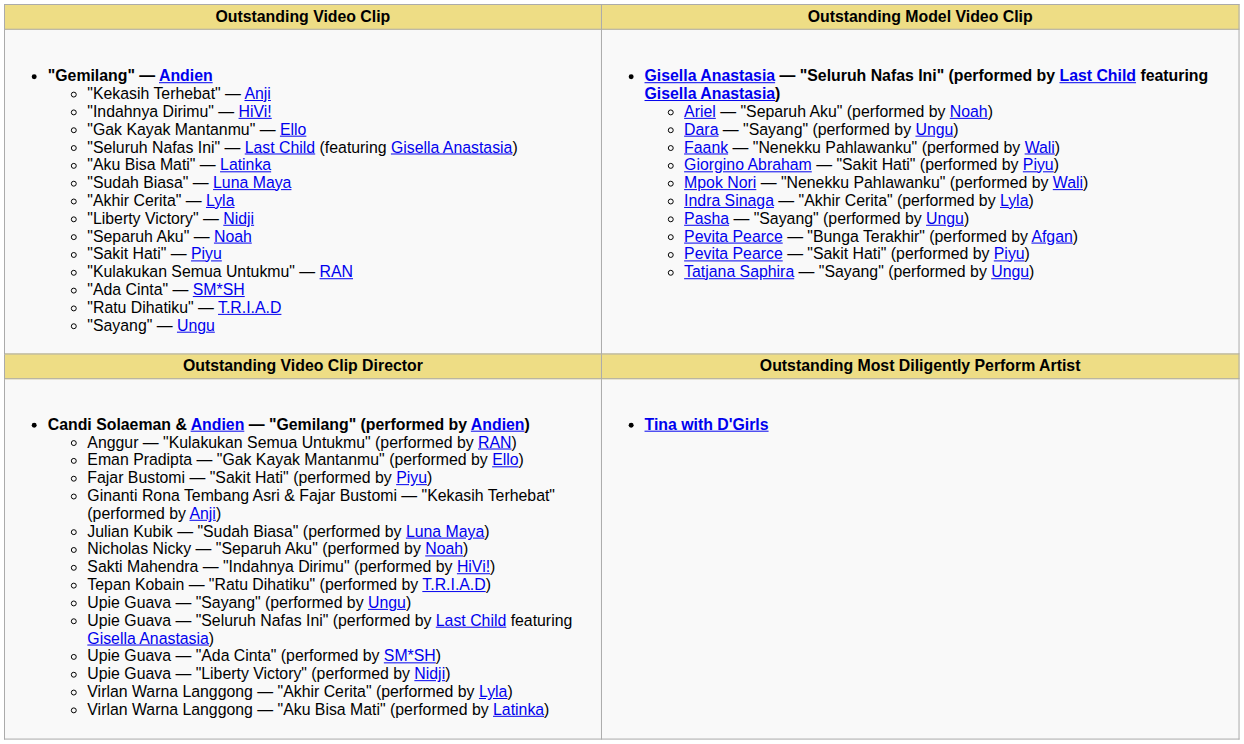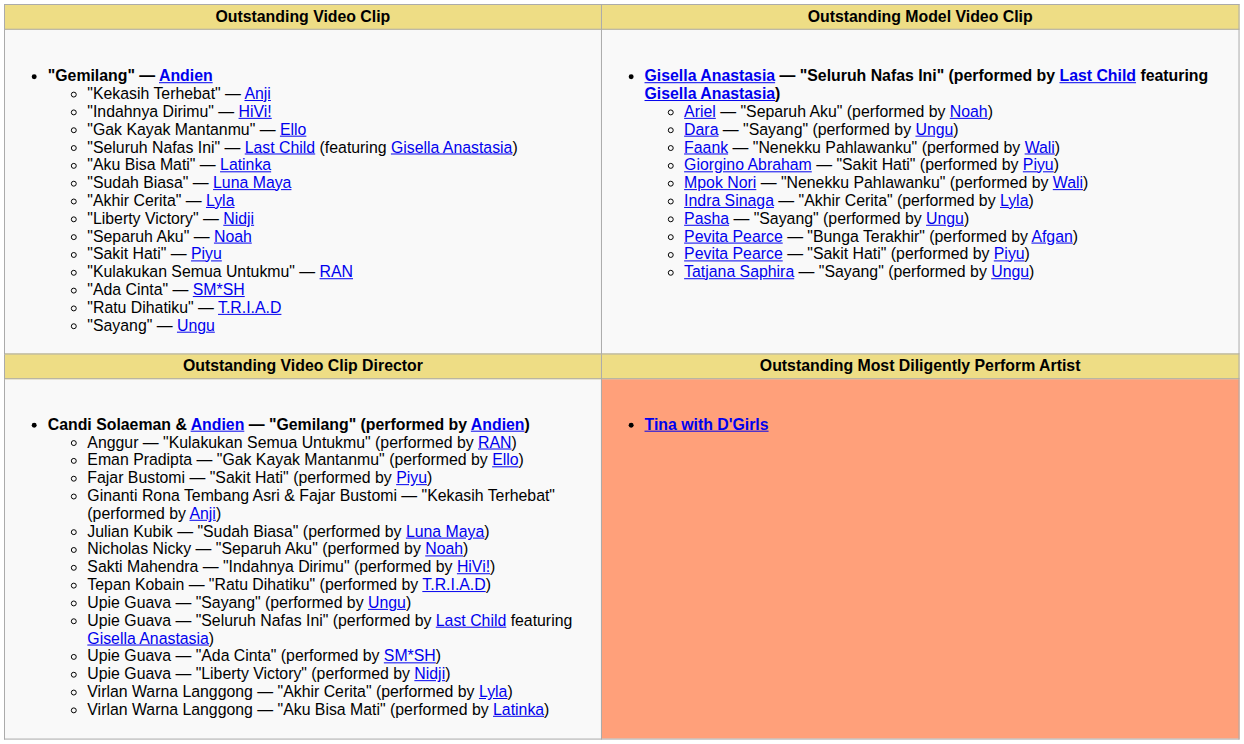 <table class="wikitable">
 <tr>
 <th style="background:#EEDD85; width=50%">Outstanding Video Clip</th>
 <th style="background:#EEDD85; width=50%">Outstanding Model Video Clip</th>
 </tr>
 <tr>
 <td style="vertical-align:top;"><br><ul><li><strong>"Gemilang" — <a href='#'>Andien</a></strong><ul><li>"Kekasih Terhebat" — <a href='#'>Anji</a></li><li>"Indahnya Dirimu" — <a href='#'>HiVi!</a></li><li>"Gak Kayak Mantanmu" — <a href='#'>Ello</a></li><li>"Seluruh Nafas Ini" — <a href='#'>Last Child</a> (featuring <a href='#'>Gisella Anastasia</a>)</li><li>"Aku Bisa Mati" — <a href='#'>Latinka</a></li><li>"Sudah Biasa" — <a href='#'>Luna Maya</a></li><li>"Akhir Cerita" — <a href='#'>Lyla</a></li><li>"Liberty Victory" — <a href='#'>Nidji</a></li><li>"Separuh Aku" — <a href='#'>Noah</a></li><li>"Sakit Hati" — <a href='#'>Piyu</a></li><li>"Kulakukan Semua Untukmu" — <a href='#'>RAN</a></li><li>"Ada Cinta" — <a href='#'>SM*SH</a></li><li>"Ratu Dihatiku" — <a href='#'>T.R.I.A.D</a></li><li>"Sayang" — <a href='#'>Ungu</a></li></ul></li></ul></td>
 <td style="vertical-align:top;"><br><ul><li><strong><a href='#'>Gisella Anastasia</a> — "Seluruh Nafas Ini" (performed by <a href='#'>Last Child</a> featuring <a href='#'>Gisella Anastasia</a>)</strong><ul><li><a href='#'>Ariel</a> — "Separuh Aku" (performed by <a href='#'>Noah</a>)</li><li><a href='#'>Dara</a> — "Sayang" (performed by <a href='#'>Ungu</a>)</li><li><a href='#'>Faank</a> — "Nenekku Pahlawanku" (performed by <a href='#'>Wali</a>)</li><li><a href='#'>Giorgino Abraham</a> — "Sakit Hati" (performed by <a href='#'>Piyu</a>)</li><li><a href='#'>Mpok Nori</a> — "Nenekku Pahlawanku" (performed by <a href='#'>Wali</a>)</li><li><a href='#'>Indra Sinaga</a> — "Akhir Cerita" (performed by <a href='#'>Lyla</a>)</li><li><a href='#'>Pasha</a> — "Sayang" (performed by <a href='#'>Ungu</a>)</li><li><a href='#'>Pevita Pearce</a> — "Bunga Terakhir" (performed by <a href='#'>Afgan</a>)</li><li><a href='#'>Pevita Pearce</a> — "Sakit Hati" (performed by <a href='#'>Piyu</a>)</li><li><a href='#'>Tatjana Saphira</a> — "Sayang" (performed by <a href='#'>Ungu</a>)</li></ul></li></ul></td>
 </tr>
 <tr>
 <th style="background:#EEDD85; width=50%">Outstanding Video Clip Director</th>
 <th style="background:#EEDD85; width=50%">Outstanding Most Diligently Perform Artist</th>
 </tr>
 <tr>
 <td style="vertical-align:top;"><br><ul><li><strong>Candi Solaeman & <a href='#'>Andien</a> — "Gemilang" (performed by <a href='#'>Andien</a>)</strong><ul><li>Anggur — "Kulakukan Semua Untukmu" (performed by <a href='#'>RAN</a>)</li><li>Eman Pradipta — "Gak Kayak Mantanmu" (performed by <a href='#'>Ello</a>)</li><li>Fajar Bustomi — "Sakit Hati" (performed by <a href='#'>Piyu</a>)</li><li>Ginanti Rona Tembang Asri & Fajar Bustomi — "Kekasih Terhebat" (performed by <a href='#'>Anji</a>)</li><li>Julian Kubik — "Sudah Biasa" (performed by <a href='#'>Luna Maya</a>)</li><li>Nicholas Nicky — "Separuh Aku" (performed by <a href='#'>Noah</a>)</li><li>Sakti Mahendra — "Indahnya Dirimu" (performed by <a href='#'>HiVi!</a>)</li><li>Tepan Kobain — "Ratu Dihatiku" (performed by <a href='#'>T.R.I.A.D</a>)</li><li>Upie Guava — "Sayang" (performed by <a href='#'>Ungu</a>)</li><li>Upie Guava — "Seluruh Nafas Ini" (performed by <a href='#'>Last Child</a> featuring <a href='#'>Gisella Anastasia</a>)</li><li>Upie Guava — "Ada Cinta" (performed by <a href='#'>SM*SH</a>)</li><li>Upie Guava — "Liberty Victory" (performed by <a href='#'>Nidji</a>)</li><li>Virlan Warna Langgong — "Akhir Cerita" (performed by <a href='#'>Lyla</a>)</li><li>Virlan Warna Langgong — "Aku Bisa Mati" (performed by <a href='#'>Latinka</a>)</li></ul></li></ul></td>
-<td style="vertical-align:top;"><br><ul><li><strong><a href='#'>Tina with D'Girls</a></strong></li></ul></td>
+<td style="background: lightsalmon; vertical-align:top;"><br><ul><li><strong><a href='#'>Tina with D'Girls</a></strong></li></ul></td>
 </tr>
 </table>
